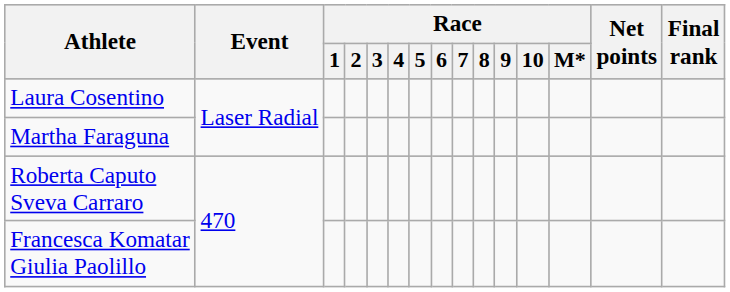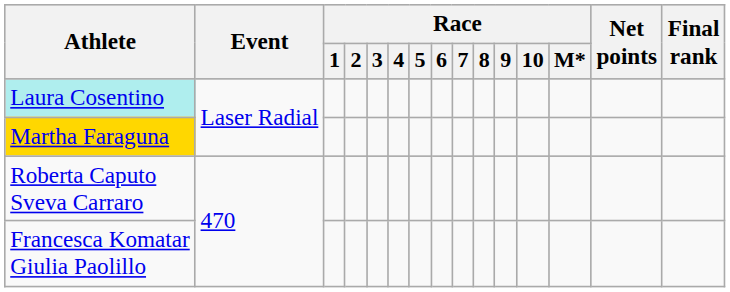 <table class="wikitable" style="font-size:90%">
 <tr>
 <th rowspan="2">Athlete</th>
 <th rowspan="2">Event</th>
 <th colspan=11>Race</th>
 <th rowspan=2>Net<br>points</th>
 <th rowspan=2>Final<br>rank</th>
 </tr>
 <tr style="font-size:95%">
 <th>1</th>
 <th>2</th>
 <th>3</th>
 <th>4</th>
 <th>5</th>
 <th>6</th>
 <th>7</th>
 <th>8</th>
 <th>9</th>
 <th>10</th>
 <th>M*</th>
 </tr>
 <tr align=center>
-<td align=left><a href='#'>Laura Cosentino</a></td>
+<td align=left style="background: paleturquoise;"><a href='#'>Laura Cosentino</a></td>
 <td align=left rowspan=2><a href='#'>Laser Radial</a></td>
 <td></td>
 <td></td>
 <td></td>
 <td></td>
 <td></td>
 <td></td>
 <td></td>
 <td></td>
 <td></td>
 <td></td>
 <td></td>
 <td></td>
 <td></td>
 </tr>
 <tr align=center>
-<td align=left><a href='#'>Martha Faraguna</a></td>
+<td align=left style="background: gold;"><a href='#'>Martha Faraguna</a></td>
 <td></td>
 <td></td>
 <td></td>
 <td></td>
 <td></td>
 <td></td>
 <td></td>
 <td></td>
 <td></td>
 <td></td>
 <td></td>
 <td></td>
 <td></td>
 </tr>
 <tr align=center>
 <td align=left><a href='#'>Roberta Caputo</a><br><a href='#'>Sveva Carraro</a></td>
 <td align=left rowspan=2><a href='#'>470</a></td>
 <td></td>
 <td></td>
 <td></td>
 <td></td>
 <td></td>
 <td></td>
 <td></td>
 <td></td>
 <td></td>
 <td></td>
 <td></td>
 <td></td>
 <td></td>
 </tr>
 <tr align=center>
 <td align=left><a href='#'>Francesca Komatar</a><br><a href='#'>Giulia Paolillo</a></td>
 <td></td>
 <td></td>
 <td></td>
 <td></td>
 <td></td>
 <td></td>
 <td></td>
 <td></td>
 <td></td>
 <td></td>
 <td></td>
 <td></td>
 <td></td>
 </tr>
 </table>
